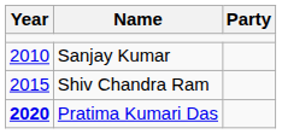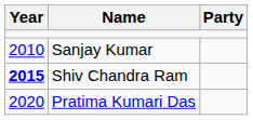 <table class="wikitable sortable">
 <tr>
 <th>Year</th>
 <th>Name</th>
 <th colspan="2">Party</th>
 </tr>
 <tr>
 <td colspan="4"></td>
 </tr>
 <tr>
 <td><a href='#'>2010</a></td>
 <td>Sanjay Kumar</td>
 <td></td>
 </tr>
 <tr>
-<td><a href='#'>2015</a></td>
+<td><strong><a href='#'>2015</a></strong></td>
 <td>Shiv Chandra Ram</td>
 <td></td>
 </tr>
 <tr>
-<td><strong><a href='#'>2020</a></strong></td>
+<td><a href='#'>2020</a></td>
 <td><a href='#'>Pratima Kumari Das</a></td>
 <td></td>
 </tr>
 </table>
